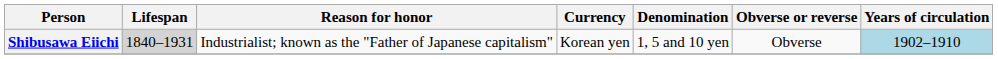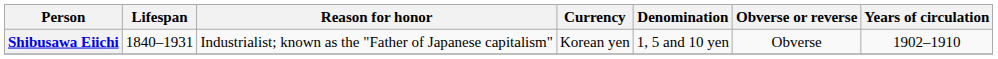 <table class="wikitable" style="font-size:95%; text-align:center;">
 <tr>
 <th>Person</th>
 <th>Lifespan</th>
 <th>Reason for honor</th>
 <th>Currency</th>
 <th>Denomination</th>
 <th>Obverse or reverse</th>
 <th>Years of circulation</th>
 </tr>
 <tr>
 <th><a href='#'>Shibusawa Eiichi</a></th>
-<td style="background: lightgrey;">1840–1931</td>
+<td>1840–1931</td>
 <td>Industrialist; known as the "Father of Japanese capitalism"</td>
 <td>Korean yen</td>
 <td>1, 5 and 10 yen</td>
 <td>Obverse</td>
-<td style="background: lightblue;">1902–1910</td>
+<td>1902–1910</td>
 </tr>
 <tr>
 </tr>
 </table>
